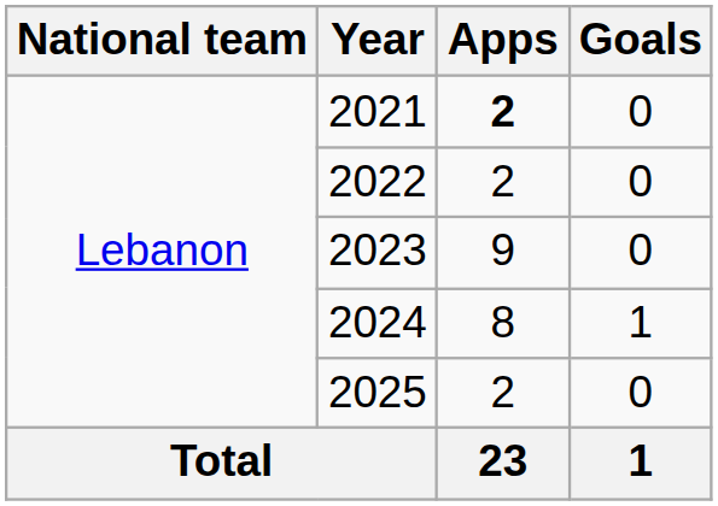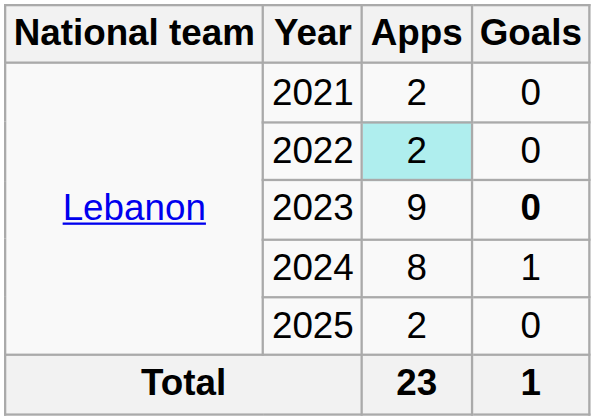 <table class="wikitable" style="text-align:center">
 <tr>
 <th>National team</th>
 <th>Year</th>
 <th>Apps</th>
 <th>Goals</th>
 </tr>
 <tr>
 <td rowspan="5"><a href='#'>Lebanon</a></td>
 <td>2021</td>
-<td><strong>2</strong></td>
+<td>2</td>
 <td>0</td>
 </tr>
 <tr>
 <td>2022</td>
-<td>2</td>
+<td style="background: paleturquoise;">2</td>
 <td>0</td>
 </tr>
 <tr>
 <td>2023</td>
 <td>9</td>
-<td>0</td>
+<td><strong>0</strong></td>
 </tr>
 <tr>
 <td>2024</td>
 <td>8</td>
 <td>1</td>
 </tr>
 <tr>
 <td>2025</td>
 <td>2</td>
 <td>0</td>
 </tr>
 <tr>
 <th colspan="2">Total</th>
 <th>23</th>
 <th>1</th>
 </tr>
 </table>
